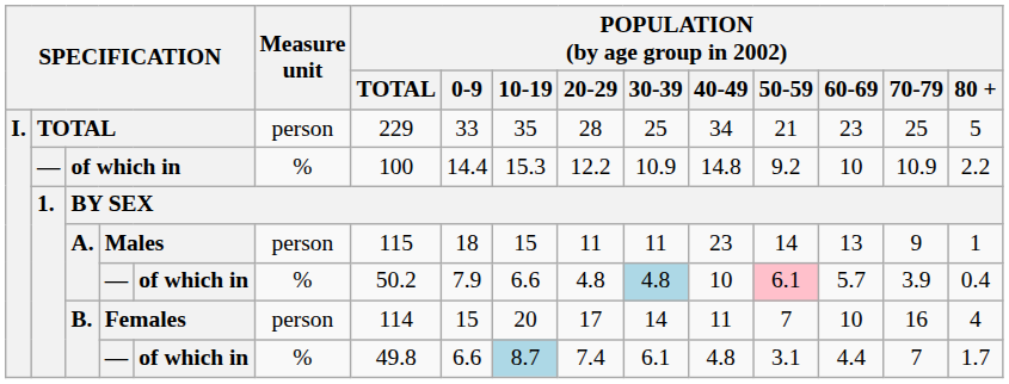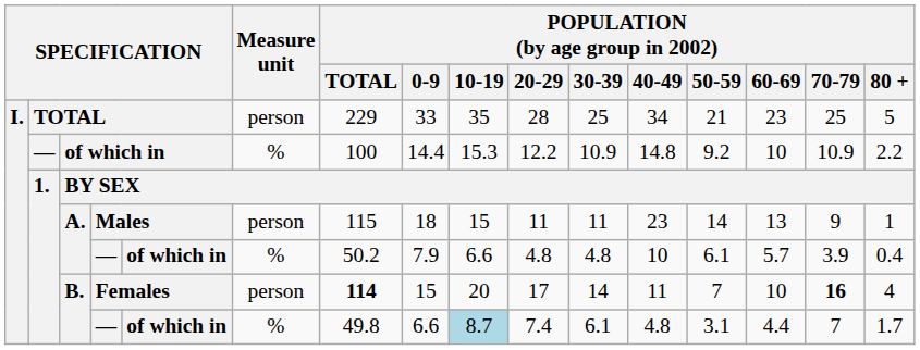 <table class="wikitable" style="font-size:85%; text-align:center">
 <tr>
 <th rowspan="2" colspan="5">SPECIFICATION</th>
 <th rowspan="2">Measure<br> unit</th>
 <th colspan="10" rowspan="1">POPULATION<br> (by age group in 2002)</th>
 </tr>
 <tr>
 <th>TOTAL</th>
 <th>0-9</th>
 <th>10-19</th>
 <th>20-29</th>
 <th>30-39</th>
 <th>40-49</th>
 <th>50-59</th>
 <th>60-69</th>
 <th>70-79</th>
 <th>80 +</th>
 </tr>
 <tr>
 <th style="text-align:left" valign="top" rowspan="7">I.</th>
 <th style="text-align:left" colspan="4">TOTAL</th>
 <td>person</td>
 <td>229</td>
 <td>33</td>
 <td>35</td>
 <td>28</td>
 <td>25</td>
 <td>34</td>
 <td>21</td>
 <td>23</td>
 <td>25</td>
 <td>5</td>
 </tr>
 <tr>
 <th style="text-align:left" valign="top">—</th>
 <th style="text-align:left" colspan="3">of which in</th>
 <td>%</td>
 <td>100</td>
 <td>14.4</td>
 <td>15.3</td>
 <td>12.2</td>
 <td>10.9</td>
 <td>14.8</td>
 <td>9.2</td>
 <td>10</td>
 <td>10.9</td>
 <td>2.2</td>
 </tr>
 <tr>
 <th style="text-align:left" valign="top" rowspan="5">1.</th>
 <th style="text-align:left" colspan="14">BY SEX</th>
 </tr>
 <tr>
 <th style="text-align:left" valign="top" rowspan="2">A.</th>
 <th style="text-align:left" colspan="2">Males</th>
 <td>person</td>
 <td>115</td>
 <td>18</td>
 <td>15</td>
 <td>11</td>
 <td>11</td>
 <td>23</td>
 <td>14</td>
 <td>13</td>
 <td>9</td>
 <td>1</td>
 </tr>
 <tr>
 <th style="text-align:left" valign="top">—</th>
 <th style="text-align:left" colspan="1">of which in</th>
 <td>%</td>
 <td>50.2</td>
 <td>7.9</td>
 <td>6.6</td>
 <td>4.8</td>
-<td style="background: lightblue;">4.8</td>
+<td>4.8</td>
 <td>10</td>
-<td style="background: pink;">6.1</td>
+<td>6.1</td>
 <td>5.7</td>
 <td>3.9</td>
 <td>0.4</td>
 </tr>
 <tr>
 <th style="text-align:left" valign="top" rowspan="2">B.</th>
 <th style="text-align:left" colspan="2">Females</th>
 <td>person</td>
-<td>114</td>
+<td><strong>114</strong></td>
 <td>15</td>
 <td>20</td>
 <td>17</td>
 <td>14</td>
 <td>11</td>
 <td>7</td>
 <td>10</td>
-<td>16</td>
+<td><strong>16</strong></td>
 <td>4</td>
 </tr>
 <tr>
 <th style="text-align:left" valign="top">—</th>
 <th style="text-align:left" colspan="1">of which in</th>
 <td>%</td>
 <td>49.8</td>
 <td>6.6</td>
 <td style="background: lightblue;">8.7</td>
 <td>7.4</td>
 <td>6.1</td>
 <td>4.8</td>
 <td>3.1</td>
 <td>4.4</td>
 <td>7</td>
 <td>1.7</td>
 </tr>
 </table>
